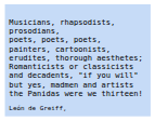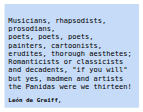 <table class="toccolours" style="float: right; margin-left: 1em; margin-right: 1em; font-size: 85%; background:#c6dbf7; color:black; width:19em; max-width: 25%;" cellspacing="5">
 <tr>
 <td style="text-align: left;"><br>Musicians, rhapsodists, prosodians,<br> poets, poets, poets,<br> painters, cartoonists,<br> erudites, thorough aesthetes;<br> Romanticists or classicists<br> and decadents, "if you will"<br> but yes, madmen and artists<br> the Panidas were we thirteen!<br></td>
 </tr>
 <tr>
-<td style="text-align: left;"><small>León de Greiff,</small></td>
+<td style="text-align: left;"><strong><small>León de Greiff,</small></strong></td>
 </tr>
 </table>
